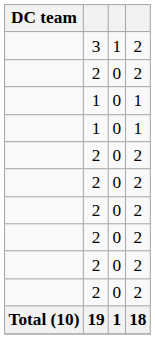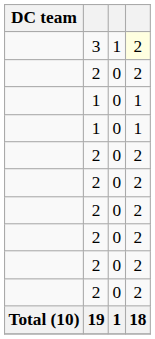 <table class="wikitable sortable" style="text-align:center">
 <tr>
 <th>DC team</th>
 <th><small></small></th>
 <th><small></small></th>
 <th><small></small></th>
 </tr>
 <tr>
 <td align="left"></td>
 <td>3</td>
 <td>1</td>
-<td>2</td>
+<td style="background: lightyellow;">2</td>
 </tr>
 <tr>
 <td align="left"></td>
 <td>2</td>
 <td>0</td>
 <td>2</td>
 </tr>
 <tr>
 <td align="left"></td>
 <td>1</td>
 <td>0</td>
 <td>1</td>
 </tr>
 <tr>
 <td align="left"></td>
 <td>1</td>
 <td>0</td>
 <td>1</td>
 </tr>
 <tr>
 <td align="left"></td>
 <td>2</td>
 <td>0</td>
 <td>2</td>
 </tr>
 <tr>
 <td align="left"></td>
 <td>2</td>
 <td>0</td>
 <td>2</td>
 </tr>
 <tr>
 <td align="left"></td>
 <td>2</td>
 <td>0</td>
 <td>2</td>
 </tr>
 <tr>
 <td align="left"></td>
 <td>2</td>
 <td>0</td>
 <td>2</td>
 </tr>
 <tr>
 <td align="left"></td>
 <td>2</td>
 <td>0</td>
 <td>2</td>
 </tr>
 <tr>
 <td align="left"></td>
 <td>2</td>
 <td>0</td>
 <td>2</td>
 </tr>
 <tr>
 <th align="left">Total (10)</th>
 <th>19</th>
 <th>1</th>
 <th>18</th>
 </tr>
 <tr>
 </tr>
 </table>
